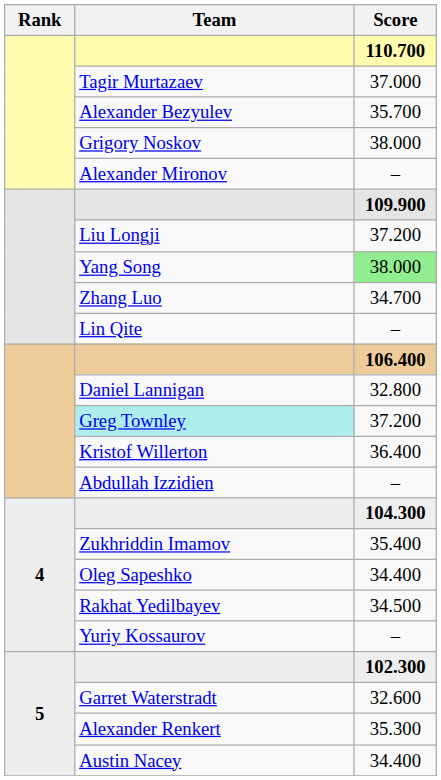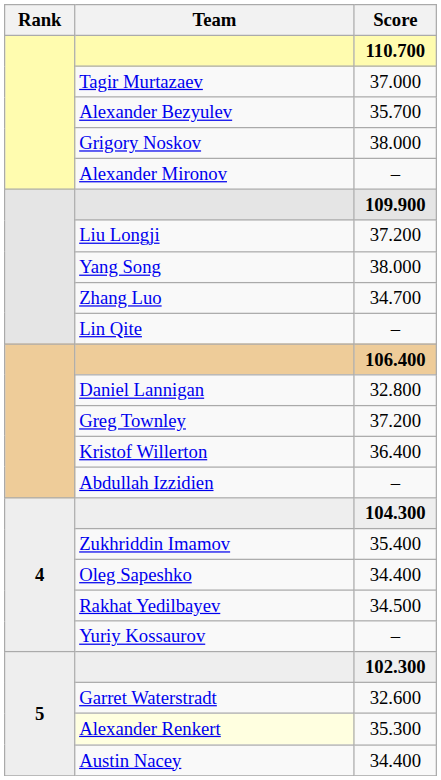 <table class="wikitable" style="text-align:center; font-size:95%">
 <tr>
 <th style="width:50px;">Rank</th>
 <th style="width:220px;">Team</th>
 <th style="width:60px;">Score</th>
 </tr>
 <tr style="background:#fffcaf;">
 <td rowspan=5></td>
 <td style="text-align:left;"><strong></strong></td>
 <td><strong>110.700</strong></td>
 </tr>
 <tr>
 <td style="text-align:left;"><a href='#'>Tagir Murtazaev</a></td>
 <td>37.000</td>
 </tr>
 <tr>
 <td style="text-align:left;"><a href='#'>Alexander Bezyulev</a></td>
 <td>35.700</td>
 </tr>
 <tr>
 <td style="text-align:left;"><a href='#'>Grigory Noskov</a></td>
 <td>38.000</td>
 </tr>
 <tr>
 <td style="text-align:left;"><a href='#'>Alexander Mironov</a></td>
 <td>–</td>
 </tr>
 <tr style="background:#e5e5e5;">
 <td rowspan=5></td>
 <td style="text-align:left;"><strong></strong></td>
 <td><strong>109.900</strong></td>
 </tr>
 <tr>
 <td style="text-align:left;"><a href='#'>Liu Longji</a></td>
 <td>37.200</td>
 </tr>
 <tr>
 <td style="text-align:left;"><a href='#'>Yang Song</a></td>
-<td style="background: lightgreen;">38.000</td>
+<td>38.000</td>
 </tr>
 <tr>
 <td style="text-align:left;"><a href='#'>Zhang Luo</a></td>
 <td>34.700</td>
 </tr>
 <tr>
 <td style="text-align:left;"><a href='#'>Lin Qite</a></td>
 <td>–</td>
 </tr>
 <tr style="background:#ec9;">
 <td rowspan=5></td>
 <td style="text-align:left;"><strong></strong></td>
 <td><strong>106.400</strong></td>
 </tr>
 <tr>
 <td style="text-align:left;"><a href='#'>Daniel Lannigan</a></td>
 <td>32.800</td>
 </tr>
 <tr>
-<td style="background: paleturquoise; text-align:left;"><a href='#'>Greg Townley</a></td>
+<td style="text-align:left;"><a href='#'>Greg Townley</a></td>
 <td>37.200</td>
 </tr>
 <tr>
 <td style="text-align:left;"><a href='#'>Kristof Willerton</a></td>
 <td>36.400</td>
 </tr>
 <tr>
 <td style="text-align:left;"><a href='#'>Abdullah Izzidien</a></td>
 <td>–</td>
 </tr>
 <tr style="background:#eee;">
 <td rowspan=5><strong>4</strong></td>
 <td style="text-align:left;"><strong></strong></td>
 <td><strong>104.300</strong></td>
 </tr>
 <tr>
 <td style="text-align:left;"><a href='#'>Zukhriddin Imamov</a></td>
 <td>35.400</td>
 </tr>
 <tr>
 <td style="text-align:left;"><a href='#'>Oleg Sapeshko</a></td>
 <td>34.400</td>
 </tr>
 <tr>
 <td style="text-align:left;"><a href='#'>Rakhat Yedilbayev</a></td>
 <td>34.500</td>
 </tr>
 <tr>
 <td style="text-align:left;"><a href='#'>Yuriy Kossaurov</a></td>
 <td>–</td>
 </tr>
 <tr style="background:#eee;">
 <td rowspan=4><strong>5</strong></td>
 <td style="text-align:left;"><strong></strong></td>
 <td><strong>102.300</strong></td>
 </tr>
 <tr>
 <td style="text-align:left;"><a href='#'>Garret Waterstradt</a></td>
 <td>32.600</td>
 </tr>
 <tr>
-<td style="text-align:left;"><a href='#'>Alexander Renkert</a></td>
+<td style="background: lightyellow; text-align:left;"><a href='#'>Alexander Renkert</a></td>
 <td>35.300</td>
 </tr>
 <tr>
 <td style="text-align:left;"><a href='#'>Austin Nacey</a></td>
 <td>34.400</td>
 </tr>
 </table>
